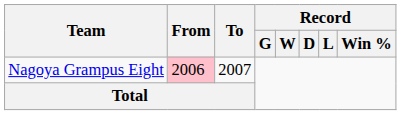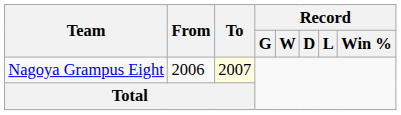 <table class="wikitable" style="text-align: center">
 <tr>
 <th rowspan="2">Team</th>
 <th rowspan="2">From</th>
 <th rowspan="2">To</th>
 <th colspan="5">Record</th>
 </tr>
 <tr>
 <th>G</th>
 <th>W</th>
 <th>D</th>
 <th>L</th>
 <th>Win %</th>
 </tr>
 <tr>
 <td align="left"><a href='#'>Nagoya Grampus Eight</a></td>
-<td align="left" style="background: pink;">2006</td>
-<td align="left">2007<br></td>
+<td align="left">2006</td>
+<td align="left" style="background: lightyellow;">2007<br></td>
 </tr>
 <tr>
 <th colspan="3">Total<br></th>
 </tr>
 </table>
